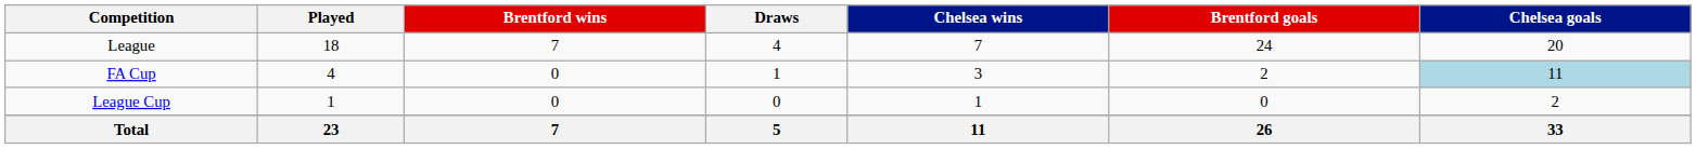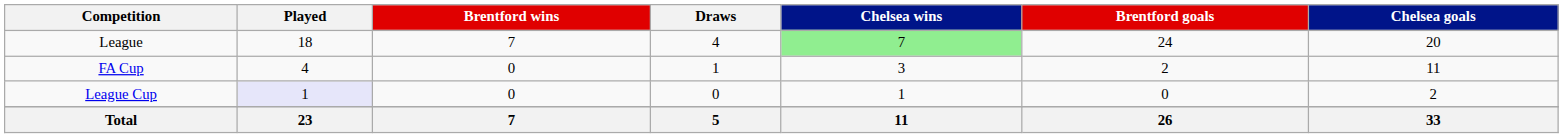 <table class="wikitable" style="text-align: center; width: 100%; font-size: 12px">
 <tr>
 <th>Competition</th>
 <th>Played</th>
 <th style="background:#E00000; color:white">Brentford wins</th>
 <th>Draws</th>
 <th style="background:#001489; color:white">Chelsea wins</th>
 <th style="background:#E00000; color:white">Brentford goals</th>
 <th style="background:#001489; color:white">Chelsea goals</th>
 </tr>
 <tr>
 <td>League</td>
 <td>18</td>
 <td>7</td>
 <td>4</td>
-<td>7</td>
+<td style="background: lightgreen;">7</td>
 <td>24</td>
 <td>20</td>
 </tr>
 <tr>
 <td><a href='#'>FA Cup</a></td>
 <td>4</td>
 <td>0</td>
 <td>1</td>
 <td>3</td>
 <td>2</td>
-<td style="background: lightblue;">11</td>
+<td>11</td>
 </tr>
 <tr>
 <td><a href='#'>League Cup</a></td>
-<td>1</td>
+<td style="background: lavender;">1</td>
 <td>0</td>
 <td>0</td>
 <td>1</td>
 <td>0</td>
 <td>2</td>
 </tr>
 <tr>
 </tr>
 <tr class="sortbottom">
 <th>Total</th>
 <th>23</th>
 <th>7</th>
 <th>5</th>
 <th>11</th>
 <th>26</th>
 <th>33</th>
 </tr>
 </table>
